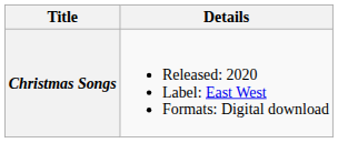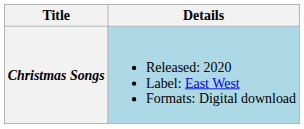 <table class="wikitable plainrowheaders">
 <tr>
 <th>Title</th>
 <th>Details</th>
 </tr>
 <tr>
 <th scope="row"><em>Christmas Songs</em></th>
-<td><br><ul><li>Released: 2020</li><li>Label: <a href='#'>East West</a></li><li>Formats: Digital download</li></ul></td>
+<td style="background: lightblue;"><br><ul><li>Released: 2020</li><li>Label: <a href='#'>East West</a></li><li>Formats: Digital download</li></ul></td>
 </tr>
 </table>
